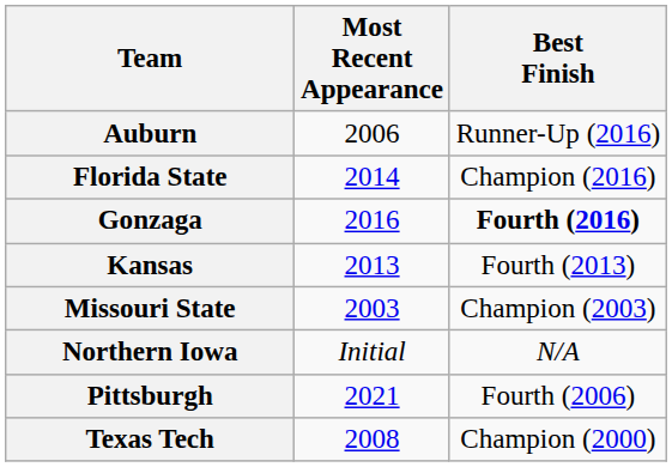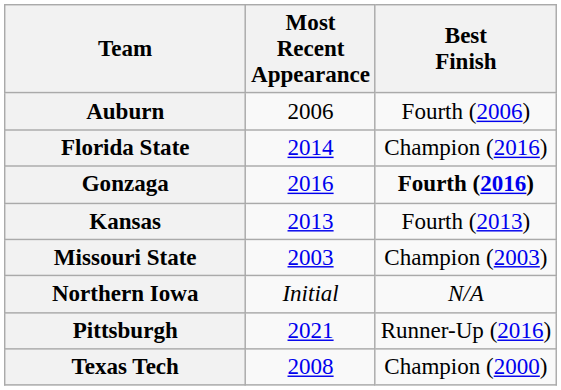 <table class="wikitable">
 <tr>
 <th>Team</th>
 <th>Most<br>Recent<br>Appearance</th>
 <th>Best<br>Finish</th>
 </tr>
 <tr style="text-align:center;">
 <th width="160">Auburn</th>
 <td>2006</td>
-<td>Runner-Up (<a href='#'>2016</a>)</td>
+<td>Fourth (<a href='#'>2006</a>)</td>
 </tr>
 <tr style="text-align:center;">
 <th width="160">Florida State</th>
 <td><a href='#'>2014</a></td>
 <td>Champion (<a href='#'>2016</a>)</td>
 </tr>
 <tr style="text-align:center;">
 <th width="160">Gonzaga</th>
 <td><a href='#'>2016</a></td>
 <td><strong>Fourth (<a href='#'>2016</a>)</strong></td>
 </tr>
 <tr style="text-align:center;">
 <th width="160">Kansas</th>
 <td><a href='#'>2013</a></td>
 <td>Fourth (<a href='#'>2013</a>)</td>
 </tr>
 <tr style="text-align:center;">
 <th width="160">Missouri State</th>
 <td><a href='#'>2003</a></td>
 <td>Champion (<a href='#'>2003</a>)</td>
 </tr>
 <tr style="text-align:center;">
 <th width="160">Northern Iowa</th>
 <td><em>Initial</em></td>
 <td><em>N/A</em></td>
 </tr>
 <tr style="text-align:center;">
 <th width="160">Pittsburgh</th>
 <td><a href='#'>2021</a></td>
-<td>Fourth (<a href='#'>2006</a>)</td>
+<td>Runner-Up (<a href='#'>2016</a>)</td>
 </tr>
 <tr style="text-align:center;">
 <th width="160">Texas Tech</th>
 <td><a href='#'>2008</a></td>
 <td>Champion (<a href='#'>2000</a>)</td>
 </tr>
 </table>
